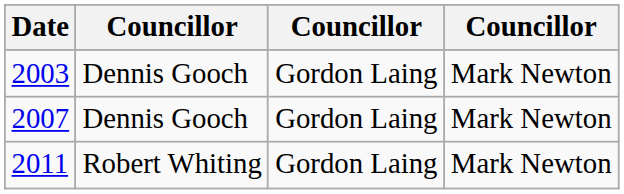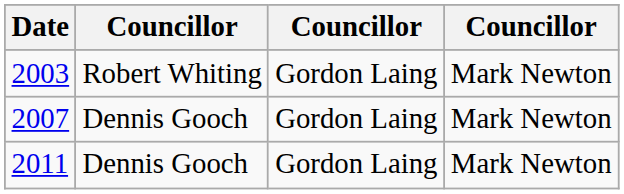 <table class="wikitable">
 <tr>
 <th>Date</th>
 <th>Councillor</th>
 <th>Councillor</th>
 <th>Councillor</th>
 </tr>
 <tr>
 <td><a href='#'>2003</a></td>
-<td ! style="background-color:">Dennis Gooch</td>
+<td ! style="background-color:">Robert Whiting</td>
 <td ! style="background-color:">Gordon Laing</td>
 <td ! style="background-color:">Mark Newton</td>
 </tr>
 <tr>
 <td><a href='#'>2007</a></td>
 <td ! style="background-color:">Dennis Gooch</td>
 <td ! style="background-color:">Gordon Laing</td>
 <td ! style="background-color:">Mark Newton</td>
 </tr>
 <tr>
 <td><a href='#'>2011</a></td>
-<td ! style="background-color:">Robert Whiting</td>
+<td ! style="background-color:">Dennis Gooch</td>
 <td ! style="background-color:">Gordon Laing</td>
 <td ! style="background-color:">Mark Newton</td>
 </tr>
 </table>
